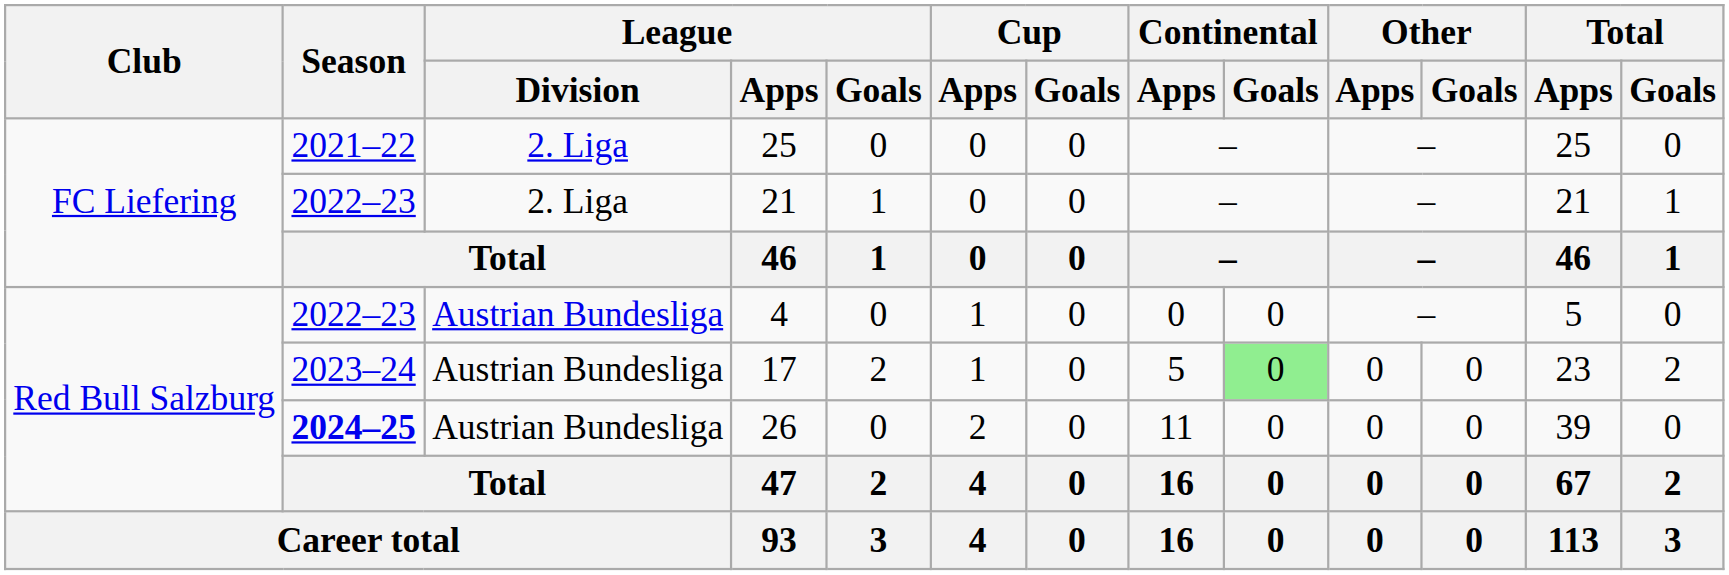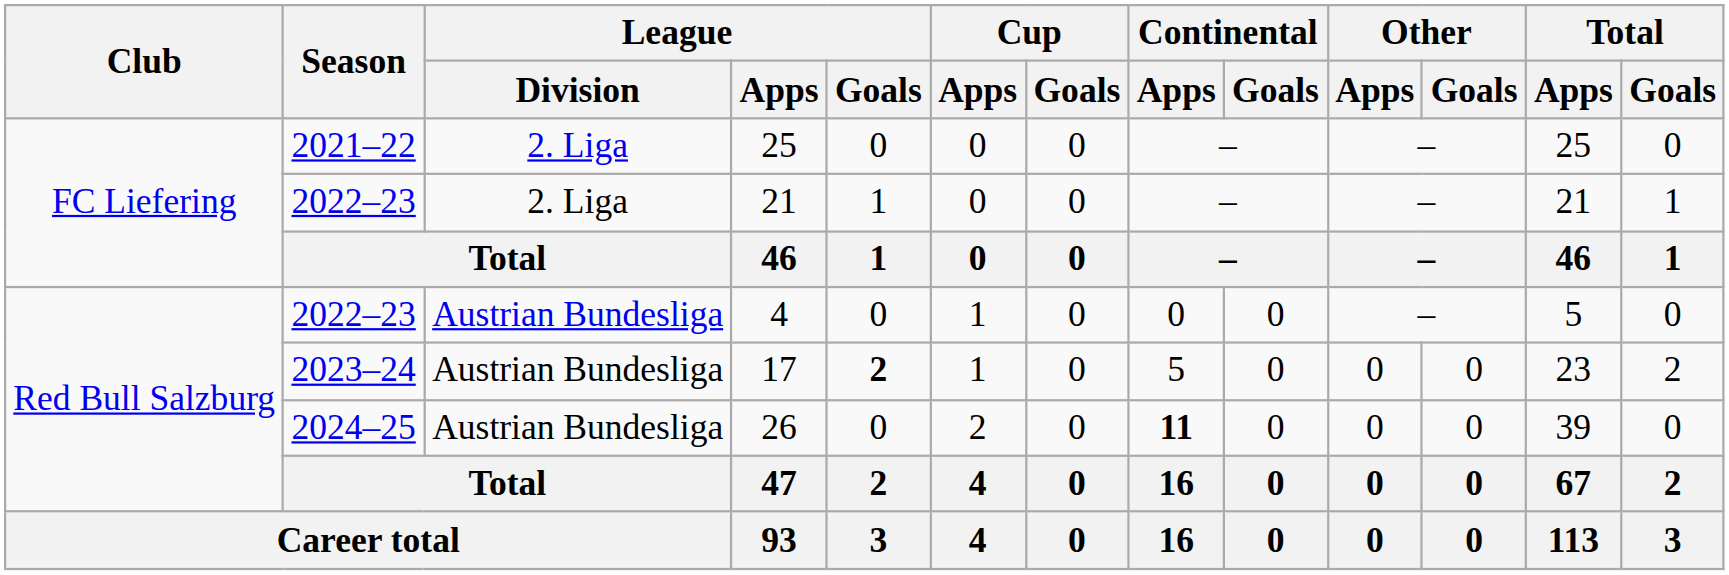 <table class="wikitable" style="text-align: center">
 <tr>
 <th rowspan="2">Club</th>
 <th rowspan="2">Season</th>
 <th colspan="3">League</th>
 <th colspan="2">Cup</th>
 <th colspan="2">Continental</th>
 <th colspan="2">Other</th>
 <th colspan="2">Total</th>
 </tr>
 <tr>
 <th>Division</th>
 <th>Apps</th>
 <th>Goals</th>
 <th>Apps</th>
 <th>Goals</th>
 <th>Apps</th>
 <th>Goals</th>
 <th>Apps</th>
 <th>Goals</th>
 <th>Apps</th>
 <th>Goals</th>
 </tr>
 <tr>
 <td rowspan="3"><a href='#'>FC Liefering</a></td>
 <td><a href='#'>2021–22</a></td>
 <td><a href='#'>2. Liga</a></td>
 <td>25</td>
 <td>0</td>
 <td>0</td>
 <td>0</td>
 <td colspan="2">–</td>
 <td colspan="2">–</td>
 <td>25</td>
 <td>0</td>
 </tr>
 <tr>
 <td><a href='#'>2022–23</a></td>
 <td>2. Liga</td>
 <td>21</td>
 <td>1</td>
 <td>0</td>
 <td>0</td>
 <td colspan="2">–</td>
 <td colspan="2">–</td>
 <td>21</td>
 <td>1</td>
 </tr>
 <tr>
 <th colspan="2">Total</th>
 <th>46</th>
 <th>1</th>
 <th>0</th>
 <th>0</th>
 <th colspan="2">–</th>
 <th colspan="2">–</th>
 <th>46</th>
 <th>1</th>
 </tr>
 <tr>
 <td rowspan="4"><a href='#'>Red Bull Salzburg</a></td>
 <td><a href='#'>2022–23</a></td>
 <td><a href='#'>Austrian Bundesliga</a></td>
 <td>4</td>
 <td>0</td>
 <td>1</td>
 <td>0</td>
 <td>0</td>
 <td>0</td>
 <td colspan="2">–</td>
 <td>5</td>
 <td>0</td>
 </tr>
 <tr>
 <td><a href='#'>2023–24</a></td>
 <td>Austrian Bundesliga</td>
 <td>17</td>
-<td>2</td>
+<td><strong>2</strong></td>
 <td>1</td>
 <td>0</td>
 <td>5</td>
-<td style="background: lightgreen;">0</td>
+<td>0</td>
 <td>0</td>
 <td>0</td>
 <td>23</td>
 <td>2</td>
 </tr>
 <tr>
-<td><strong><a href='#'>2024–25</a></strong></td>
+<td><a href='#'>2024–25</a></td>
 <td>Austrian Bundesliga</td>
 <td>26</td>
 <td>0</td>
 <td>2</td>
 <td>0</td>
-<td>11</td>
+<td><strong>11</strong></td>
 <td>0</td>
 <td>0</td>
 <td>0</td>
 <td>39</td>
 <td>0</td>
 </tr>
 <tr>
 <th colspan="2">Total</th>
 <th>47</th>
 <th>2</th>
 <th>4</th>
 <th>0</th>
 <th>16</th>
 <th>0</th>
 <th>0</th>
 <th>0</th>
 <th>67</th>
 <th>2</th>
 </tr>
 <tr>
 <th colspan="3"><strong>Career total</strong></th>
 <th>93</th>
 <th>3</th>
 <th>4</th>
 <th>0</th>
 <th>16</th>
 <th>0</th>
 <th>0</th>
 <th>0</th>
 <th>113</th>
 <th>3</th>
 </tr>
 </table>
